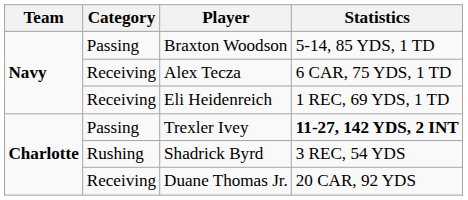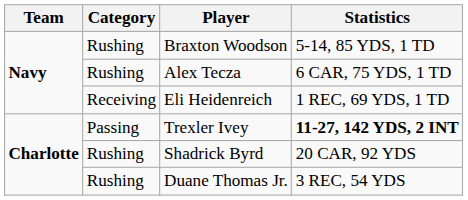 <table class="wikitable" style="float: left;">
 <tr>
 <th>Team</th>
 <th>Category</th>
 <th>Player</th>
 <th>Statistics</th>
 </tr>
 <tr>
 <td rowspan=3><strong>Navy</strong></td>
-<td>Passing</td>
+<td>Rushing</td>
 <td>Braxton Woodson</td>
 <td>5-14, 85 YDS, 1 TD</td>
 </tr>
 <tr>
-<td>Receiving</td>
+<td>Rushing</td>
 <td>Alex Tecza</td>
 <td>6 CAR, 75 YDS, 1 TD</td>
 </tr>
 <tr>
 <td>Receiving</td>
 <td>Eli Heidenreich</td>
 <td>1 REC, 69 YDS, 1 TD</td>
 </tr>
 <tr>
 <td rowspan=3><strong>Charlotte</strong></td>
 <td>Passing</td>
 <td>Trexler Ivey</td>
 <td><strong>11-27, 142 YDS, 2 INT</strong></td>
 </tr>
 <tr>
 <td>Rushing</td>
 <td>Shadrick Byrd</td>
+<td>20 CAR, 92 YDS</td>
+</tr>
+<tr>
+<td>Rushing</td>
+<td>Duane Thomas Jr.</td>
 <td>3 REC, 54 YDS</td>
 </tr>
-<tr>
-<td>Receiving</td>
-<td>Duane Thomas Jr.</td>
-<td>20 CAR, 92 YDS</td>
-</tr>
 </table>
